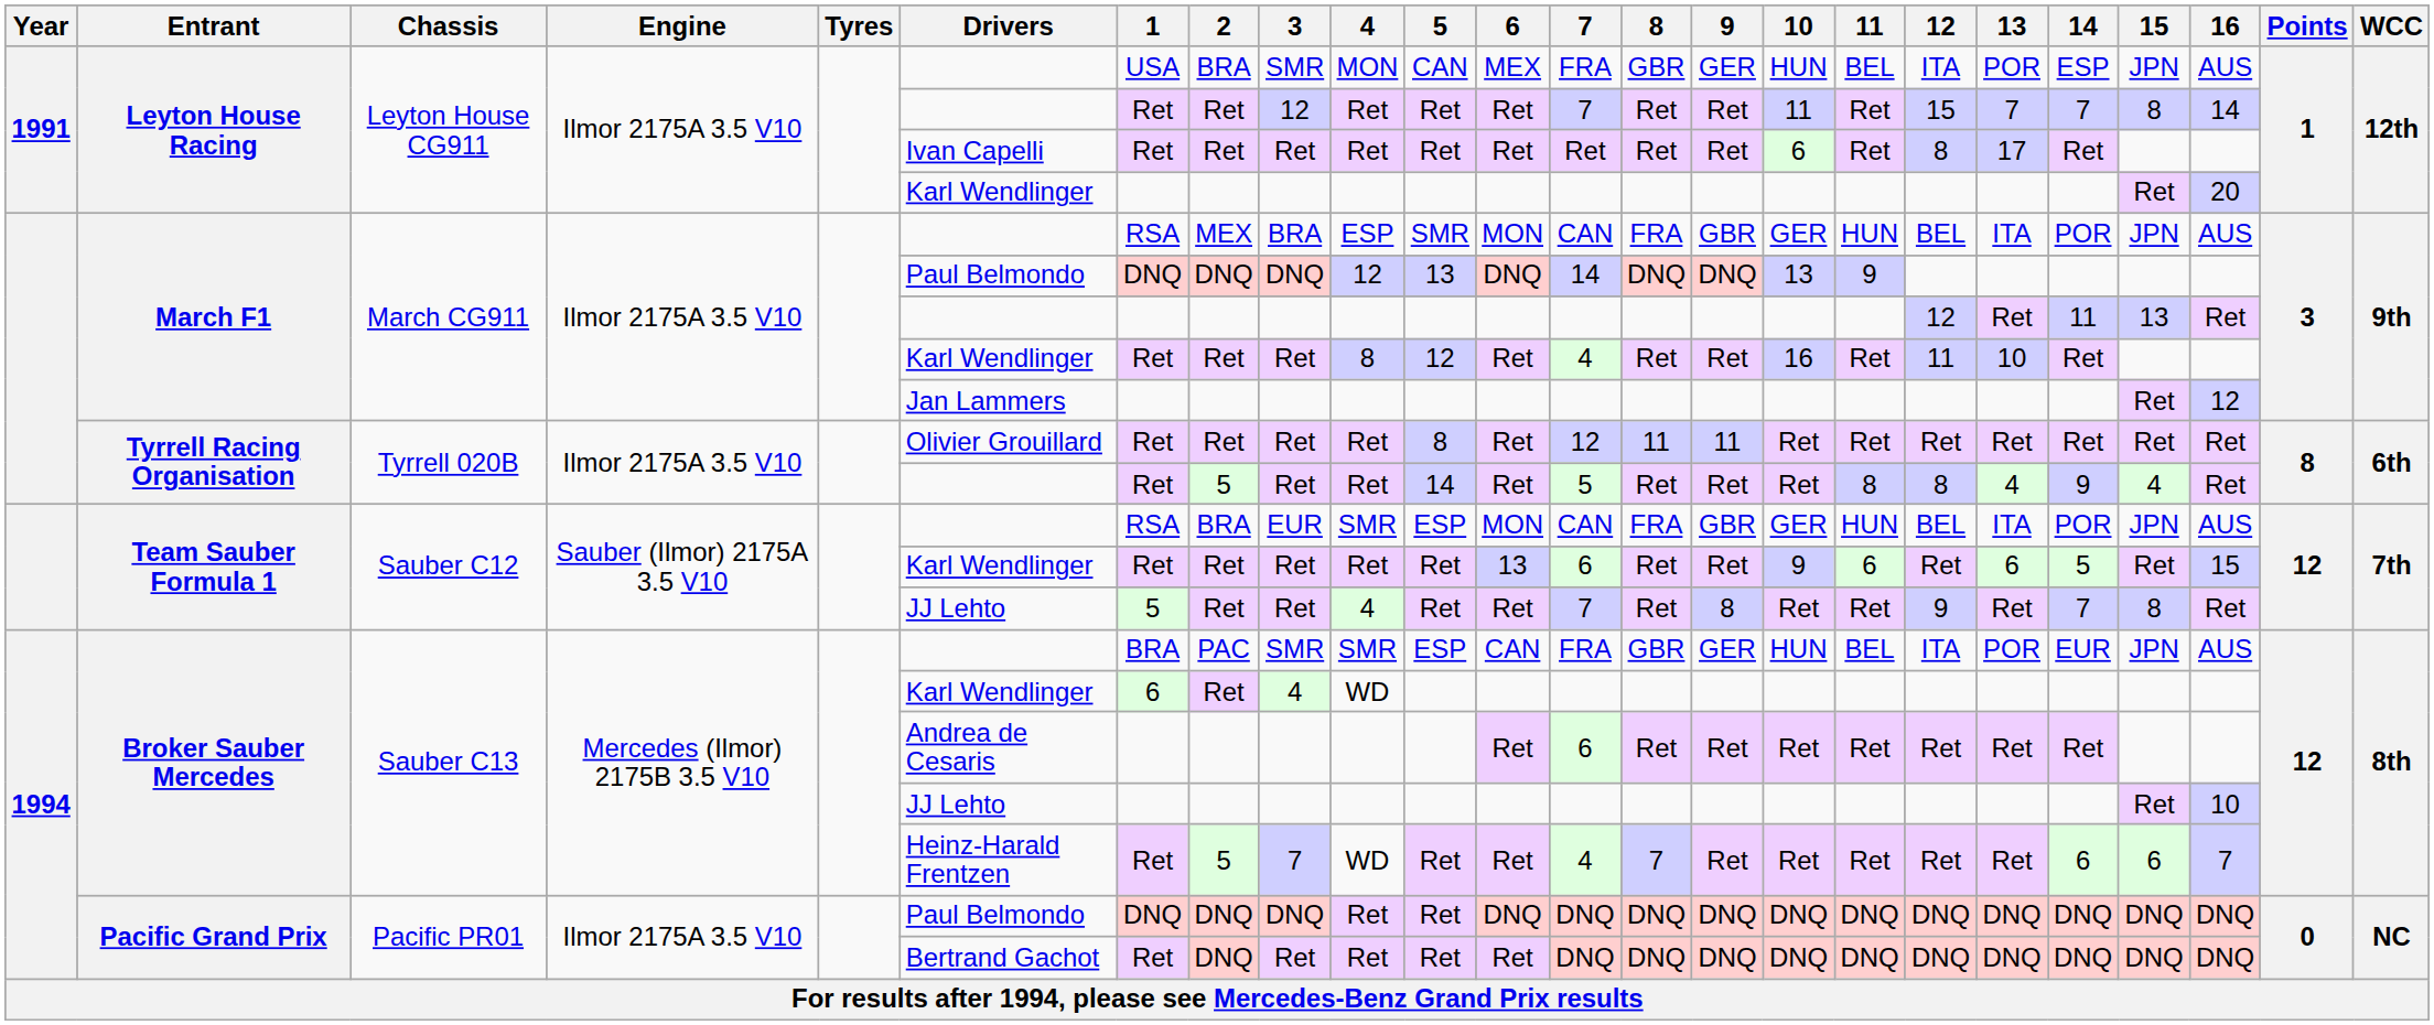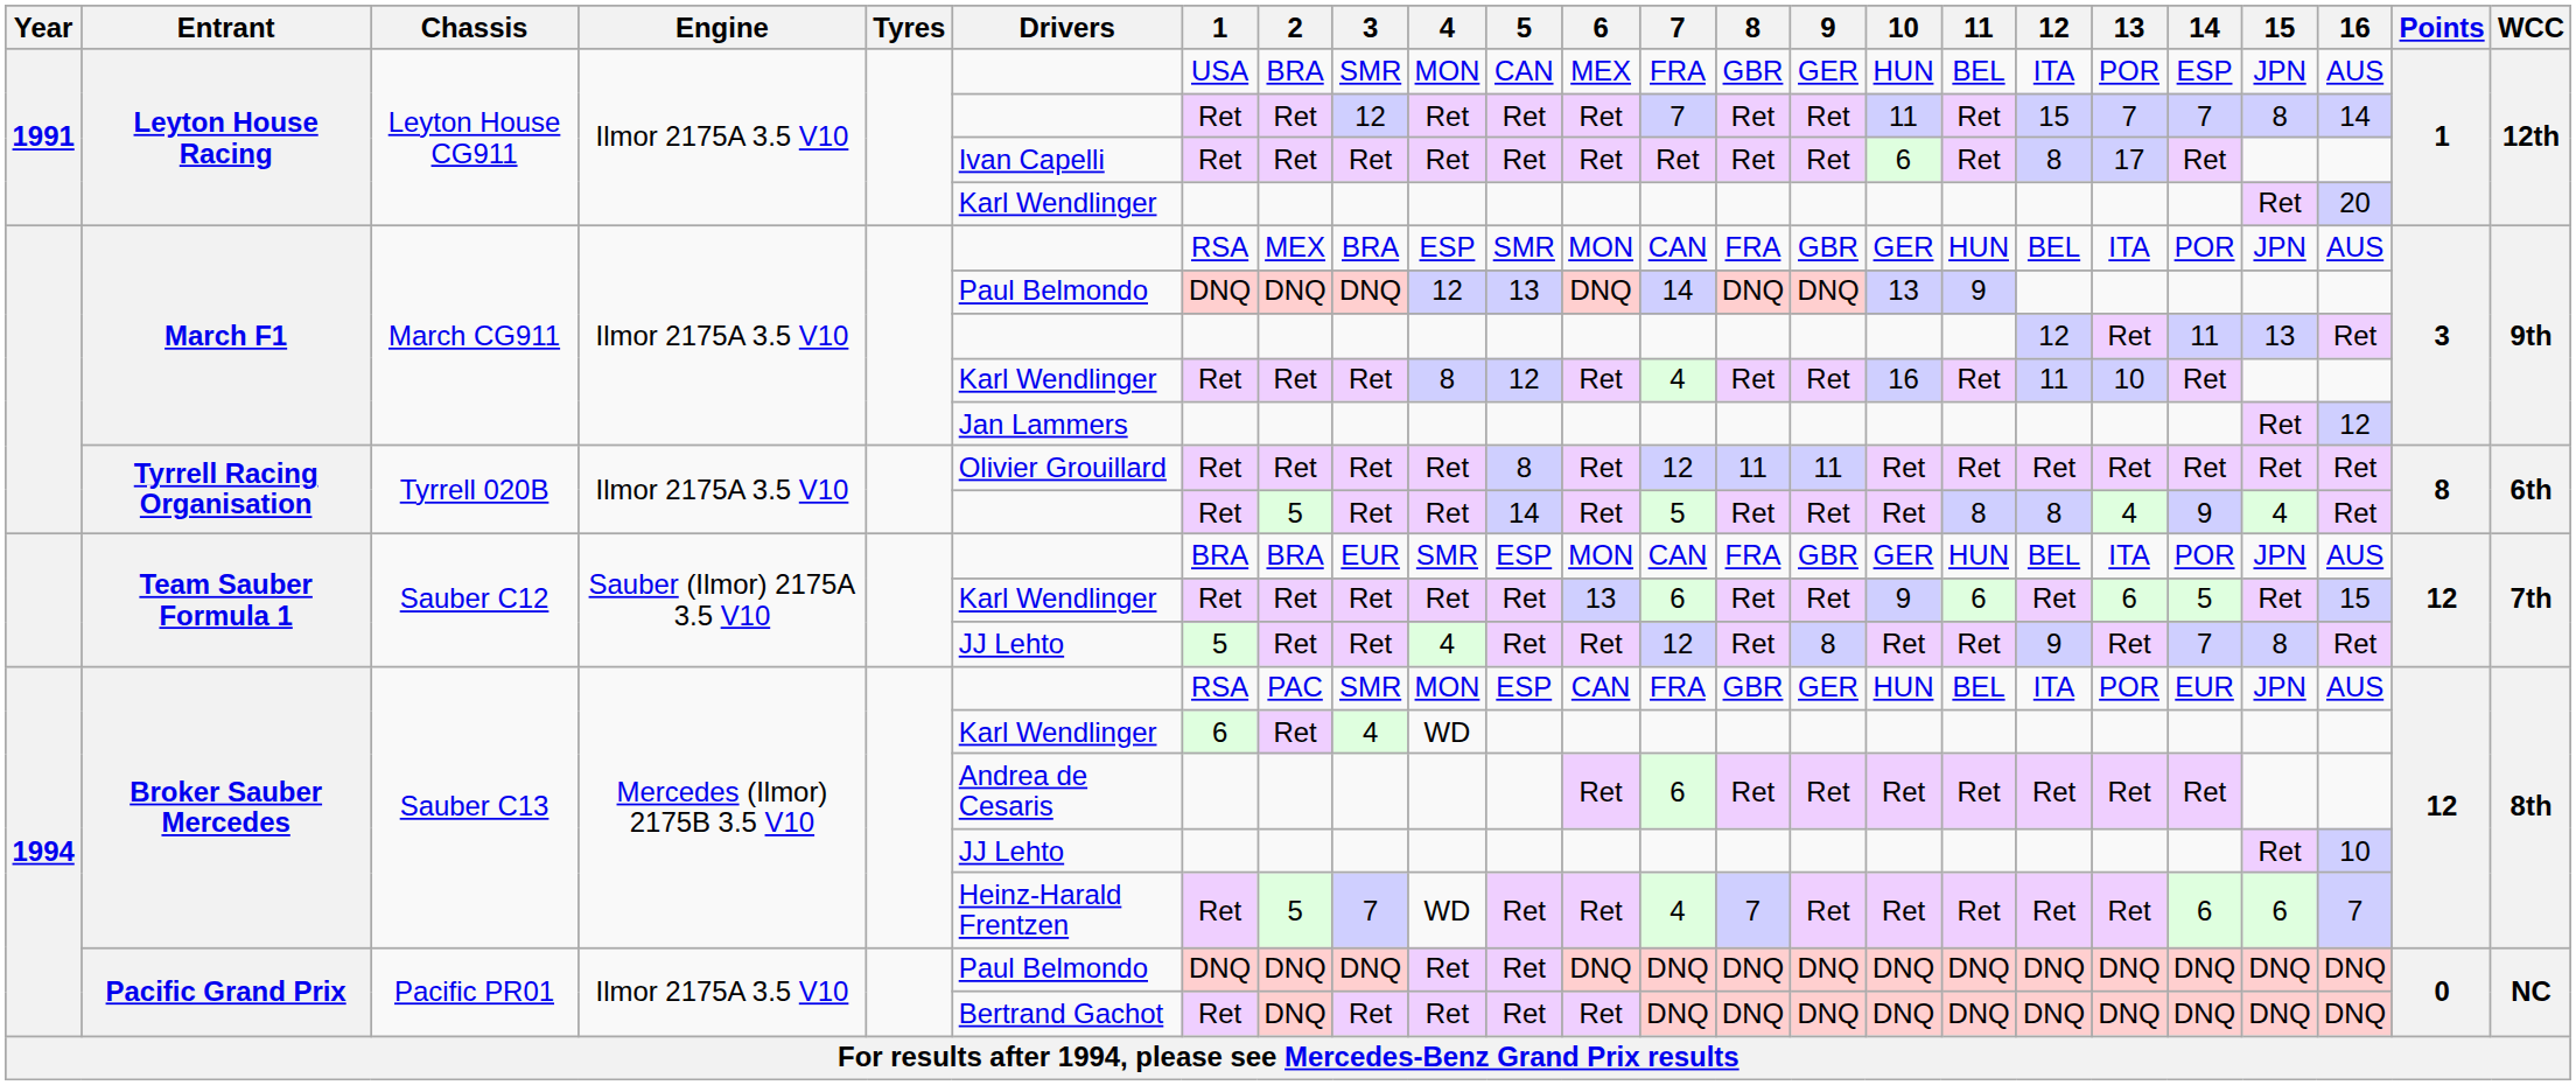 <table class="wikitable" style="text-align:center; font-size:85%">
 <tr>
 <th>Year</th>
 <th>Entrant</th>
 <th>Chassis</th>
 <th>Engine</th>
 <th>Tyres</th>
 <th>Drivers</th>
 <th>1</th>
 <th>2</th>
 <th>3</th>
 <th>4</th>
 <th>5</th>
 <th>6</th>
 <th>7</th>
 <th>8</th>
 <th>9</th>
 <th>10</th>
 <th>11</th>
 <th>12</th>
 <th>13</th>
 <th>14</th>
 <th>15</th>
 <th>16</th>
 <th><a href='#'>Points</a></th>
 <th>WCC</th>
 </tr>
 <tr>
 <th rowspan="4"><strong><a href='#'>1991</a></strong></th>
 <th rowspan="4"><strong><a href='#'>Leyton House Racing</a></strong></th>
 <td rowspan="4"><a href='#'>Leyton House CG911</a></td>
 <td rowspan="4">Ilmor 2175A 3.5 <a href='#'>V10</a></td>
 <td rowspan="4"></td>
 <td></td>
 <td><a href='#'>USA</a></td>
 <td><a href='#'>BRA</a></td>
 <td><a href='#'>SMR</a></td>
 <td><a href='#'>MON</a></td>
 <td><a href='#'>CAN</a></td>
 <td><a href='#'>MEX</a></td>
 <td><a href='#'>FRA</a></td>
 <td><a href='#'>GBR</a></td>
 <td><a href='#'>GER</a></td>
 <td><a href='#'>HUN</a></td>
 <td><a href='#'>BEL</a></td>
 <td><a href='#'>ITA</a></td>
 <td><a href='#'>POR</a></td>
 <td><a href='#'>ESP</a></td>
 <td><a href='#'>JPN</a></td>
 <td><a href='#'>AUS</a></td>
 <th rowspan="4"><strong>1</strong></th>
 <th rowspan="4"><strong>12th</strong></th>
 </tr>
 <tr>
 <td align="left"></td>
 <td style="background:#EFCFFF;" align="center">Ret</td>
 <td style="background:#EFCFFF;" align="center">Ret</td>
 <td style="background:#CFCFFF;" align="center">12</td>
 <td style="background:#EFCFFF;" align="center">Ret</td>
 <td style="background:#EFCFFF;" align="center">Ret</td>
 <td style="background:#EFCFFF;" align="center">Ret</td>
 <td style="background:#CFCFFF;" align="center">7</td>
 <td style="background:#EFCFFF;" align="center">Ret</td>
 <td style="background:#EFCFFF;" align="center">Ret</td>
 <td style="background:#CFCFFF;" align="center">11</td>
 <td style="background:#EFCFFF;" align="center">Ret</td>
 <td style="background:#CFCFFF;" align="center">15</td>
 <td style="background:#CFCFFF;" align="center">7</td>
 <td style="background:#CFCFFF;" align="center">7</td>
 <td style="background:#CFCFFF;" align="center">8</td>
 <td style="background:#CFCFFF;" align="center">14</td>
 </tr>
 <tr>
 <td align="left"> <a href='#'>Ivan Capelli</a></td>
 <td style="background:#EFCFFF;" align="center">Ret</td>
 <td style="background:#EFCFFF;" align="center">Ret</td>
 <td style="background:#EFCFFF;" align="center">Ret</td>
 <td style="background:#EFCFFF;" align="center">Ret</td>
 <td style="background:#EFCFFF;" align="center">Ret</td>
 <td style="background:#EFCFFF;" align="center">Ret</td>
 <td style="background:#EFCFFF;" align="center">Ret</td>
 <td style="background:#EFCFFF;" align="center">Ret</td>
 <td style="background:#EFCFFF;" align="center">Ret</td>
 <td style="background:#DFFFDF;" align="center">6</td>
 <td style="background:#EFCFFF;" align="center">Ret</td>
 <td style="background:#CFCFFF;" align="center">8</td>
 <td style="background:#CFCFFF;" align="center">17</td>
 <td style="background:#EFCFFF;" align="center">Ret</td>
 <td></td>
 <td></td>
 </tr>
 <tr>
 <td align="left"> <a href='#'>Karl Wendlinger</a></td>
 <td></td>
 <td></td>
 <td></td>
 <td></td>
 <td></td>
 <td></td>
 <td></td>
 <td></td>
 <td></td>
 <td></td>
 <td></td>
 <td></td>
 <td></td>
 <td></td>
 <td style="background:#EFCFFF;" align="center">Ret</td>
 <td style="background:#CFCFFF;" align="center">20</td>
 </tr>
 <tr>
 <th rowspan="7"><strong></strong></th>
 <th rowspan="5"><strong><a href='#'>March F1</a></strong></th>
 <td rowspan="5"><a href='#'>March CG911</a></td>
 <td rowspan="5">Ilmor 2175A 3.5 <a href='#'>V10</a></td>
 <td rowspan="5"></td>
 <td></td>
 <td><a href='#'>RSA</a></td>
 <td><a href='#'>MEX</a></td>
 <td><a href='#'>BRA</a></td>
 <td><a href='#'>ESP</a></td>
 <td><a href='#'>SMR</a></td>
 <td><a href='#'>MON</a></td>
 <td><a href='#'>CAN</a></td>
 <td><a href='#'>FRA</a></td>
 <td><a href='#'>GBR</a></td>
 <td><a href='#'>GER</a></td>
 <td><a href='#'>HUN</a></td>
 <td><a href='#'>BEL</a></td>
 <td><a href='#'>ITA</a></td>
 <td><a href='#'>POR</a></td>
 <td><a href='#'>JPN</a></td>
 <td><a href='#'>AUS</a></td>
 <th rowspan="5"><strong>3</strong></th>
 <th rowspan="5"><strong>9th</strong></th>
 </tr>
 <tr>
 <td align="left"> <a href='#'>Paul Belmondo</a></td>
 <td style="background:#FFCFCF;">DNQ</td>
 <td style="background:#FFCFCF;">DNQ</td>
 <td style="background:#FFCFCF;">DNQ</td>
 <td style="background:#CFCFFF;">12</td>
 <td style="background:#CFCFFF;">13</td>
 <td style="background:#FFCFCF;">DNQ</td>
 <td style="background:#CFCFFF;">14</td>
 <td style="background:#FFCFCF;">DNQ</td>
 <td style="background:#FFCFCF;">DNQ</td>
 <td style="background:#CFCFFF;">13</td>
 <td style="background:#CFCFFF;">9</td>
 <td></td>
 <td></td>
 <td></td>
 <td></td>
 <td></td>
 </tr>
 <tr>
 <td align="left"></td>
 <td></td>
 <td></td>
 <td></td>
 <td></td>
 <td></td>
 <td></td>
 <td></td>
 <td></td>
 <td></td>
 <td></td>
 <td></td>
 <td style="background:#CFCFFF;">12</td>
 <td style="background:#EFCFFF;">Ret</td>
 <td style="background:#CFCFFF;">11</td>
 <td style="background:#CFCFFF;">13</td>
 <td style="background:#EFCFFF;">Ret</td>
 </tr>
 <tr>
 <td align="left"> <a href='#'>Karl Wendlinger</a></td>
 <td style="background:#EFCFFF;">Ret</td>
 <td style="background:#EFCFFF;">Ret</td>
 <td style="background:#EFCFFF;">Ret</td>
 <td style="background:#CFCFFF;">8</td>
 <td style="background:#CFCFFF;">12</td>
 <td style="background:#EFCFFF;">Ret</td>
 <td style="background:#DFFFDF;">4</td>
 <td style="background:#EFCFFF;">Ret</td>
 <td style="background:#EFCFFF;">Ret</td>
 <td style="background:#CFCFFF;">16</td>
 <td style="background:#EFCFFF;">Ret</td>
 <td style="background:#CFCFFF;">11</td>
 <td style="background:#CFCFFF;">10</td>
 <td style="background:#EFCFFF;">Ret</td>
 <td></td>
 <td></td>
 </tr>
 <tr>
 <td align="left"> <a href='#'>Jan Lammers</a></td>
 <td></td>
 <td></td>
 <td></td>
 <td></td>
 <td></td>
 <td></td>
 <td></td>
 <td></td>
 <td></td>
 <td></td>
 <td></td>
 <td></td>
 <td></td>
 <td></td>
 <td style="background:#EFCFFF;">Ret</td>
 <td style="background:#CFCFFF;">12</td>
 </tr>
 <tr>
 <th rowspan="2"><strong><a href='#'>Tyrrell Racing Organisation</a></strong></th>
 <td rowspan="2"><a href='#'>Tyrrell 020B</a></td>
 <td rowspan="2">Ilmor 2175A 3.5 <a href='#'>V10</a></td>
 <td rowspan="2"></td>
 <td align="left"> <a href='#'>Olivier Grouillard</a></td>
 <td style="background:#EFCFFF;">Ret</td>
 <td style="background:#EFCFFF;">Ret</td>
 <td style="background:#EFCFFF;">Ret</td>
 <td style="background:#EFCFFF;">Ret</td>
 <td style="background:#CFCFFF;">8</td>
 <td style="background:#EFCFFF;">Ret</td>
 <td style="background:#CFCFFF;">12</td>
 <td style="background:#CFCFFF;">11</td>
 <td style="background:#CFCFFF;">11</td>
 <td style="background:#EFCFFF;">Ret</td>
 <td style="background:#EFCFFF;">Ret</td>
 <td style="background:#EFCFFF;">Ret</td>
 <td style="background:#EFCFFF;">Ret</td>
 <td style="background:#EFCFFF;">Ret</td>
 <td style="background:#EFCFFF;">Ret</td>
 <td style="background:#EFCFFF;">Ret</td>
 <th rowspan="2"><strong>8</strong></th>
 <th rowspan="2"><strong>6th</strong></th>
 </tr>
 <tr>
 <td align="left"></td>
 <td style="background:#EFCFFF;">Ret</td>
 <td style="background:#DFFFDF;">5</td>
 <td style="background:#EFCFFF;">Ret</td>
 <td style="background:#EFCFFF;">Ret</td>
 <td style="background:#CFCFFF;">14</td>
 <td style="background:#EFCFFF;">Ret</td>
 <td style="background:#DFFFDF;">5</td>
 <td style="background:#EFCFFF;">Ret</td>
 <td style="background:#EFCFFF;">Ret</td>
 <td style="background:#EFCFFF;">Ret</td>
 <td style="background:#CFCFFF;">8</td>
 <td style="background:#CFCFFF;">8</td>
 <td style="background:#dfffdf;">4</td>
 <td style="background:#CFCFFF;">9</td>
 <td style="background:#DFFFDF;">4</td>
 <td style="background:#EFCFFF;">Ret</td>
 </tr>
 <tr>
 <th rowspan="3"><strong></strong></th>
 <th rowspan="3"><strong><a href='#'>Team Sauber Formula 1</a></strong></th>
 <td rowspan="3"><a href='#'>Sauber C12</a></td>
 <td rowspan="3"><a href='#'>Sauber</a> (Ilmor) 2175A 3.5 <a href='#'>V10</a></td>
 <td rowspan="3"></td>
 <td></td>
-<td><a href='#'>RSA</a></td>
+<td><a href='#'>BRA</a></td>
 <td><a href='#'>BRA</a></td>
 <td><a href='#'>EUR</a></td>
 <td><a href='#'>SMR</a></td>
 <td><a href='#'>ESP</a></td>
 <td><a href='#'>MON</a></td>
 <td><a href='#'>CAN</a></td>
 <td><a href='#'>FRA</a></td>
 <td><a href='#'>GBR</a></td>
 <td><a href='#'>GER</a></td>
 <td><a href='#'>HUN</a></td>
 <td><a href='#'>BEL</a></td>
 <td><a href='#'>ITA</a></td>
 <td><a href='#'>POR</a></td>
 <td><a href='#'>JPN</a></td>
 <td><a href='#'>AUS</a></td>
 <th rowspan="3"><strong>12</strong></th>
 <th rowspan="3"><strong>7th</strong></th>
 </tr>
 <tr>
 <td align="left"> <a href='#'>Karl Wendlinger</a></td>
 <td style="background:#EFCFFF;">Ret</td>
 <td style="background:#EFCFFF;">Ret</td>
 <td style="background:#EFCFFF;">Ret</td>
 <td style="background:#EFCFFF;">Ret</td>
 <td style="background:#EFCFFF;">Ret</td>
 <td style="background:#cfcfff;">13</td>
 <td style="background:#dfffdf;">6</td>
 <td style="background:#EFCFFF;">Ret</td>
 <td style="background:#EFCFFF;">Ret</td>
 <td style="background:#cfcfff;">9</td>
 <td style="background:#dfffdf;">6</td>
 <td style="background:#EFCFFF;">Ret</td>
 <td style="background:#DFFFDF;">6</td>
 <td style="background:#dfffdf;">5</td>
 <td style="background:#EFCFFF;">Ret</td>
 <td style="background:#cfcfff;">15</td>
 </tr>
 <tr>
 <td align="left"> <a href='#'>JJ Lehto</a></td>
 <td style="background:#dfffdf;">5</td>
 <td style="background:#EFCFFF;">Ret</td>
 <td style="background:#EFCFFF;">Ret</td>
 <td style="background:#dfffdf;">4</td>
 <td style="background:#EFCFFF;">Ret</td>
 <td style="background:#EFCFFF;">Ret</td>
-<td style="background:#cfcfff;">7</td>
+<td style="background:#CFCFFF;">12</td>
 <td style="background:#EFCFFF;">Ret</td>
 <td style="background:#cfcfff;">8</td>
 <td style="background:#EFCFFF;">Ret</td>
 <td style="background:#EFCFFF;">Ret</td>
 <td style="background:#cfcfff;">9</td>
 <td style="background:#EFCFFF;">Ret</td>
 <td style="background:#cfcfff;">7</td>
 <td style="background:#cfcfff;">8</td>
 <td style="background:#EFCFFF;">Ret</td>
 </tr>
 <tr>
 <th rowspan="7"><strong><a href='#'>1994</a></strong></th>
 <th rowspan="5"><strong><a href='#'>Broker Sauber Mercedes</a></strong></th>
 <td rowspan="5"><a href='#'>Sauber C13</a></td>
 <td rowspan="5"><a href='#'>Mercedes</a> (Ilmor) 2175B 3.5 <a href='#'>V10</a></td>
 <td rowspan="5"></td>
 <td></td>
-<td><a href='#'>BRA</a></td>
+<td><a href='#'>RSA</a></td>
 <td><a href='#'>PAC</a></td>
 <td><a href='#'>SMR</a></td>
-<td><a href='#'>SMR</a></td>
+<td><a href='#'>MON</a></td>
 <td><a href='#'>ESP</a></td>
 <td><a href='#'>CAN</a></td>
 <td><a href='#'>FRA</a></td>
 <td><a href='#'>GBR</a></td>
 <td><a href='#'>GER</a></td>
 <td><a href='#'>HUN</a></td>
 <td><a href='#'>BEL</a></td>
 <td><a href='#'>ITA</a></td>
 <td><a href='#'>POR</a></td>
 <td><a href='#'>EUR</a></td>
 <td><a href='#'>JPN</a></td>
 <td><a href='#'>AUS</a></td>
 <th rowspan="5"><strong>12</strong></th>
 <th rowspan="5"><strong>8th</strong></th>
 </tr>
 <tr>
 <td align="left"> <a href='#'>Karl Wendlinger</a></td>
 <td style="background:#dfffdf;">6</td>
 <td style="background:#efcfff;">Ret</td>
 <td style="background:#dfffdf;">4</td>
 <td>WD</td>
 <td></td>
 <td></td>
 <td></td>
 <td></td>
 <td></td>
 <td></td>
 <td></td>
 <td></td>
 <td></td>
 <td></td>
 <td></td>
 <td></td>
 </tr>
 <tr>
 <td align="left"> <a href='#'>Andrea de Cesaris</a></td>
 <td></td>
 <td></td>
 <td></td>
 <td></td>
 <td></td>
 <td style="background:#EFCFFF;">Ret</td>
 <td style="background:#DFFFDF;">6</td>
 <td style="background:#EFCFFF;">Ret</td>
 <td style="background:#EFCFFF;">Ret</td>
 <td style="background:#EFCFFF;">Ret</td>
 <td style="background:#EFCFFF;">Ret</td>
 <td style="background:#EFCFFF;">Ret</td>
 <td style="background:#EFCFFF;">Ret</td>
 <td style="background:#EFCFFF;">Ret</td>
 <td></td>
 <td></td>
 </tr>
 <tr>
 <td align="left"> <a href='#'>JJ Lehto</a></td>
 <td></td>
 <td></td>
 <td></td>
 <td></td>
 <td></td>
 <td></td>
 <td></td>
 <td></td>
 <td></td>
 <td></td>
 <td></td>
 <td></td>
 <td></td>
 <td></td>
 <td style="background:#efcfff;">Ret</td>
 <td style="background:#cfcfff;">10</td>
 </tr>
 <tr>
 <td align="left"> <a href='#'>Heinz-Harald Frentzen</a></td>
 <td style="background:#efcfff;">Ret</td>
 <td style="background:#dfffdf;">5</td>
 <td style="background:#cfcfff;">7</td>
 <td>WD</td>
 <td style="background:#efcfff;">Ret</td>
 <td style="background:#efcfff;">Ret</td>
 <td style="background:#dfffdf;">4</td>
 <td style="background:#cfcfff;">7</td>
 <td style="background:#efcfff;">Ret</td>
 <td style="background:#efcfff;">Ret</td>
 <td style="background:#efcfff;">Ret</td>
 <td style="background:#efcfff;">Ret</td>
 <td style="background:#efcfff;">Ret</td>
 <td style="background:#dfffdf;">6</td>
 <td style="background:#dfffdf;">6</td>
 <td style="background:#cfcfff;">7</td>
 </tr>
 <tr>
 <th rowspan="2"><strong><a href='#'>Pacific Grand Prix</a></strong></th>
 <td rowspan="2"><a href='#'>Pacific PR01</a></td>
 <td rowspan="2">Ilmor 2175A 3.5 <a href='#'>V10</a></td>
 <td rowspan="2"></td>
 <td align="left"> <a href='#'>Paul Belmondo</a></td>
 <td style="background:#ffcfcf;">DNQ</td>
 <td style="background:#ffcfcf;">DNQ</td>
 <td style="background:#ffcfcf;">DNQ</td>
 <td style="background:#efcfff;">Ret</td>
 <td style="background:#efcfff;">Ret</td>
 <td style="background:#ffcfcf;">DNQ</td>
 <td style="background:#ffcfcf;">DNQ</td>
 <td style="background:#ffcfcf;">DNQ</td>
 <td style="background:#ffcfcf;">DNQ</td>
 <td style="background:#ffcfcf;">DNQ</td>
 <td style="background:#ffcfcf;">DNQ</td>
 <td style="background:#ffcfcf;">DNQ</td>
 <td style="background:#ffcfcf;">DNQ</td>
 <td style="background:#ffcfcf;">DNQ</td>
 <td style="background:#ffcfcf;">DNQ</td>
 <td style="background:#ffcfcf;">DNQ</td>
 <th rowspan="2"><strong>0</strong></th>
 <th rowspan="2"><strong>NC</strong></th>
 </tr>
 <tr>
 <td align="left"> <a href='#'>Bertrand Gachot</a></td>
 <td style="background:#efcfff;">Ret</td>
 <td style="background:#ffcfcf;">DNQ</td>
 <td style="background:#efcfff;">Ret</td>
 <td style="background:#efcfff;">Ret</td>
 <td style="background:#efcfff;">Ret</td>
 <td style="background:#efcfff;">Ret</td>
 <td style="background:#ffcfcf;">DNQ</td>
 <td style="background:#ffcfcf;">DNQ</td>
 <td style="background:#ffcfcf;">DNQ</td>
 <td style="background:#ffcfcf;">DNQ</td>
 <td style="background:#ffcfcf;">DNQ</td>
 <td style="background:#ffcfcf;">DNQ</td>
 <td style="background:#ffcfcf;">DNQ</td>
 <td style="background:#ffcfcf;">DNQ</td>
 <td style="background:#ffcfcf;">DNQ</td>
 <td style="background:#ffcfcf;">DNQ</td>
 </tr>
 <tr>
 <th colspan=24>For results after 1994, please see <a href='#'>Mercedes-Benz Grand Prix results</a></th>
 </tr>
 </table>
